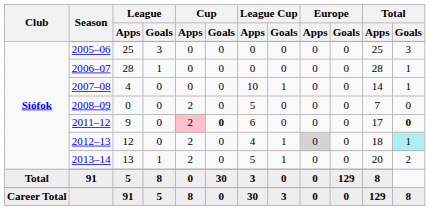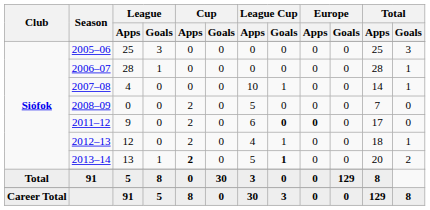 <table class="wikitable" style="font-size:90%; text-align: center;">
 <tr>
 <th rowspan="2">Club</th>
 <th rowspan="2">Season</th>
 <th colspan="2">League</th>
 <th colspan="2">Cup</th>
 <th colspan="2">League Cup</th>
 <th colspan="2">Europe</th>
 <th colspan="2">Total</th>
 </tr>
 <tr>
 <th>Apps</th>
 <th>Goals</th>
 <th>Apps</th>
 <th>Goals</th>
 <th>Apps</th>
 <th>Goals</th>
 <th>Apps</th>
 <th>Goals</th>
 <th>Apps</th>
 <th>Goals</th>
 </tr>
 <tr ||-||-||-|->
 <td rowspan="9" valign="center"><strong><a href='#'>Siófok</a></strong></td>
 </tr>
 <tr>
 <td><a href='#'>2005–06</a></td>
 <td>25</td>
 <td>3</td>
 <td>0</td>
 <td>0</td>
 <td>0</td>
 <td>0</td>
 <td>0</td>
 <td>0</td>
 <td>25</td>
 <td>3</td>
 </tr>
 <tr>
 <td><a href='#'>2006–07</a></td>
 <td>28</td>
 <td>1</td>
 <td>0</td>
 <td>0</td>
 <td>0</td>
 <td>0</td>
 <td>0</td>
 <td>0</td>
 <td>28</td>
 <td>1</td>
 </tr>
 <tr>
 <td><a href='#'>2007–08</a></td>
 <td>4</td>
 <td>0</td>
 <td>0</td>
 <td>0</td>
 <td>10</td>
 <td>1</td>
 <td>0</td>
 <td>0</td>
 <td>14</td>
 <td>1</td>
 </tr>
 <tr>
 <td><a href='#'>2008–09</a></td>
 <td>0</td>
 <td>0</td>
 <td>2</td>
 <td>0</td>
 <td>5</td>
 <td>0</td>
 <td>0</td>
 <td>0</td>
 <td>7</td>
 <td>0</td>
 </tr>
 <tr>
 <td><a href='#'>2011–12</a></td>
 <td>9</td>
 <td>0</td>
-<td style="background: pink;">2</td>
+<td>2</td>
+<td>0</td>
+<td>6</td>
 <td><strong>0</strong></td>
-<td>6</td>
-<td>0</td>
-<td>0</td>
+<td><strong>0</strong></td>
 <td>0</td>
 <td>17</td>
-<td><strong>0</strong></td>
+<td>0</td>
 </tr>
 <tr>
 <td><a href='#'>2012–13</a></td>
 <td>12</td>
 <td>0</td>
 <td>2</td>
 <td>0</td>
 <td>4</td>
 <td>1</td>
-<td style="background: lightgrey;">0</td>
+<td>0</td>
 <td>0</td>
 <td>18</td>
-<td style="background: paleturquoise;">1</td>
+<td>1</td>
 </tr>
 <tr>
 <td><a href='#'>2013–14</a></td>
 <td>13</td>
 <td>1</td>
-<td>2</td>
+<td><strong>2</strong></td>
 <td>0</td>
 <td>5</td>
-<td>1</td>
+<td><strong>1</strong></td>
 <td>0</td>
 <td>0</td>
 <td>20</td>
 <td>2</td>
 </tr>
 <tr>
 </tr>
 <tr style="font-weight:bold; background-color:#eeeeee;">
 <td>Total</td>
 <td>91</td>
 <td>5</td>
 <td>8</td>
 <td>0</td>
 <td>30</td>
 <td>3</td>
 <td>0</td>
 <td>0</td>
 <td>129</td>
 <td>8</td>
 </tr>
 <tr>
 </tr>
 <tr style="font-weight:bold; background-color:#eeeeee;">
 <td rowspan="2" valign="top"><strong>Career Total</strong></td>
 <td></td>
 <td><strong>91</strong></td>
 <td><strong>5</strong></td>
 <td><strong>8</strong></td>
 <td><strong>0</strong></td>
 <td><strong>30</strong></td>
 <td><strong>3</strong></td>
 <td><strong>0</strong></td>
 <td><strong>0</strong></td>
 <td><strong>129</strong></td>
 <td><strong>8</strong></td>
 </tr>
 </table>
